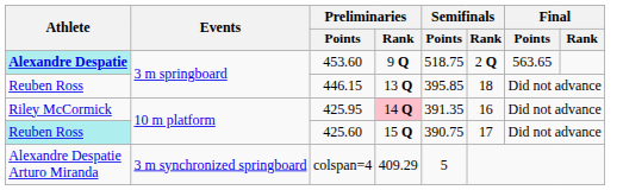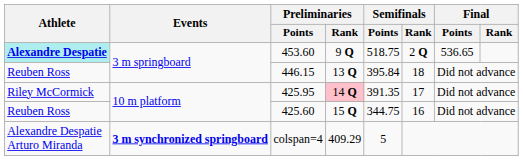 <table class=wikitable style="font-size:90%">
 <tr>
 <th rowspan="2">Athlete</th>
 <th rowspan="2">Events</th>
 <th colspan="2">Preliminaries</th>
 <th colspan="2">Semifinals</th>
 <th colspan="2">Final</th>
 </tr>
 <tr style="font-size:95%">
 <th>Points</th>
 <th>Rank</th>
 <th>Points</th>
 <th>Rank</th>
 <th>Points</th>
 <th>Rank</th>
 </tr>
 <tr align=center>
 <td align=left style="background: paleturquoise;"><strong><a href='#'>Alexandre Despatie</a></strong></td>
 <td align=left rowspan=2><a href='#'>3 m springboard</a></td>
 <td>453.60</td>
 <td>9 <strong>Q</strong></td>
 <td>518.75</td>
 <td>2 <strong>Q</strong></td>
-<td>563.65</td>
+<td>536.65</td>
 <td></td>
 </tr>
 <tr align=center>
 <td align=left><a href='#'>Reuben Ross</a></td>
 <td>446.15</td>
 <td>13 <strong>Q</strong></td>
-<td>395.85</td>
+<td>395.84</td>
 <td>18</td>
 <td colspan=2>Did not advance</td>
 </tr>
 <tr align=center>
 <td align=left><a href='#'>Riley McCormick</a></td>
 <td align=left rowspan=2><a href='#'>10 m platform</a></td>
 <td>425.95</td>
 <td style="background: pink;">14 <strong>Q</strong></td>
 <td>391.35</td>
+<td>17</td>
+<td colspan=2>Did not advance</td>
+</tr>
+<tr align=center>
+<td align=left><a href='#'>Reuben Ross</a></td>
+<td>425.60</td>
+<td>15 <strong>Q</strong></td>
+<td>344.75</td>
 <td>16</td>
 <td colspan=2>Did not advance</td>
 </tr>
 <tr align=center>
-<td align=left style="background: paleturquoise;"><a href='#'>Reuben Ross</a></td>
-<td>425.60</td>
-<td>15 <strong>Q</strong></td>
-<td>390.75</td>
-<td>17</td>
-<td colspan=2>Did not advance</td>
-</tr>
-<tr align=center>
 <td align=left><a href='#'>Alexandre Despatie</a><br> <a href='#'>Arturo Miranda</a></td>
-<td align=left><a href='#'>3 m synchronized springboard</a></td>
+<td align=left><strong><a href='#'>3 m synchronized springboard</a></strong></td>
 <td>colspan=4 </td>
 <td>409.29</td>
 <td>5</td>
 </tr>
 </table>
